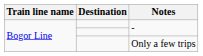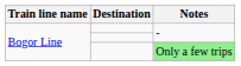 <table class="wikitable">
 <tr>
 <th>Train line name</th>
 <th>Destination</th>
 <th>Notes</th>
 </tr>
 <tr>
 <td rowspan="3"> <a href='#'>Bogor Line</a></td>
 <td></td>
 <td rowspan="2">-</td>
 </tr>
 <tr>
 <td></td>
 </tr>
 <tr>
 <td></td>
-<td>Only a few trips</td>
+<td style="background: lightgreen;">Only a few trips</td>
 </tr>
 </table>
